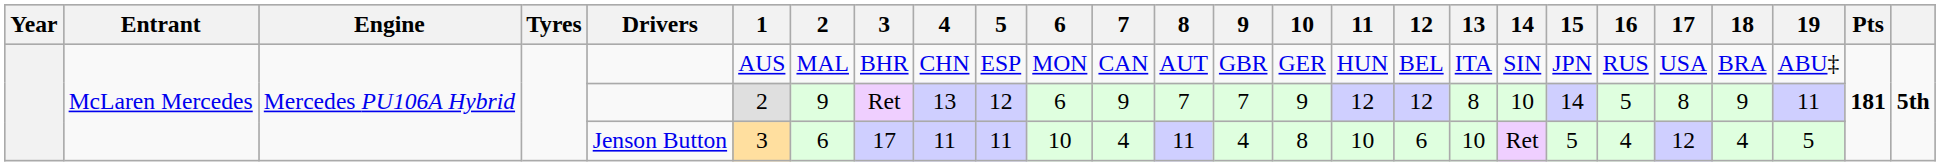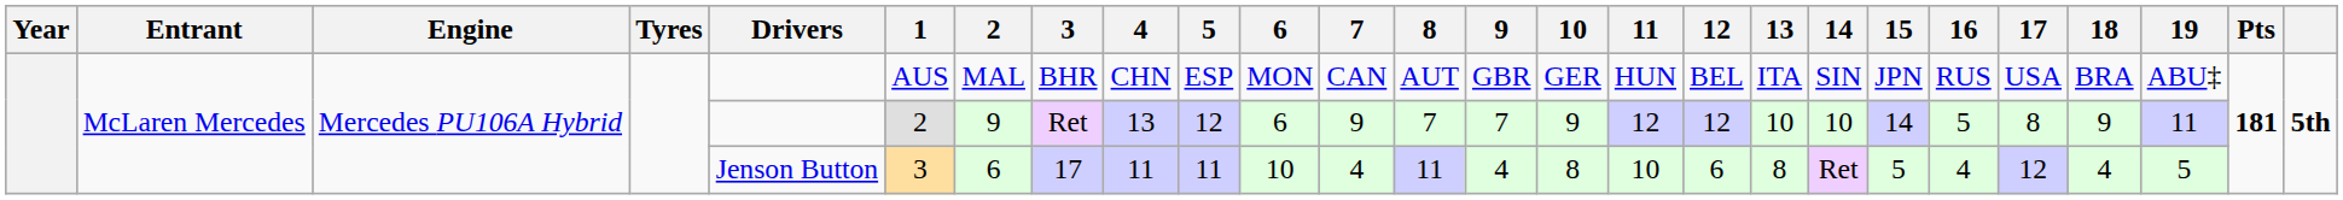 <table class="wikitable" style="text-align:center; font-size:90%">
 <tr>
 <th>Year</th>
 <th>Entrant</th>
 <th>Engine</th>
 <th>Tyres</th>
 <th>Drivers</th>
 <th>1</th>
 <th>2</th>
 <th>3</th>
 <th>4</th>
 <th>5</th>
 <th>6</th>
 <th>7</th>
 <th>8</th>
 <th>9</th>
 <th>10</th>
 <th>11</th>
 <th>12</th>
 <th>13</th>
 <th>14</th>
 <th>15</th>
 <th>16</th>
 <th>17</th>
 <th>18</th>
 <th>19</th>
 <th>Pts</th>
 <th></th>
 </tr>
 <tr>
 <th rowspan=3></th>
 <td rowspan=3><a href='#'>McLaren Mercedes</a></td>
 <td rowspan=3><a href='#'>Mercedes <em>PU106A Hybrid</em></a></td>
 <td rowspan=3></td>
 <td></td>
 <td><a href='#'>AUS</a></td>
 <td><a href='#'>MAL</a></td>
 <td><a href='#'>BHR</a></td>
 <td><a href='#'>CHN</a></td>
 <td><a href='#'>ESP</a></td>
 <td><a href='#'>MON</a></td>
 <td><a href='#'>CAN</a></td>
 <td><a href='#'>AUT</a></td>
 <td><a href='#'>GBR</a></td>
 <td><a href='#'>GER</a></td>
 <td><a href='#'>HUN</a></td>
 <td><a href='#'>BEL</a></td>
 <td><a href='#'>ITA</a></td>
 <td><a href='#'>SIN</a></td>
 <td><a href='#'>JPN</a></td>
 <td><a href='#'>RUS</a></td>
 <td><a href='#'>USA</a></td>
 <td><a href='#'>BRA</a></td>
 <td><a href='#'>ABU</a>‡</td>
 <td rowspan="3"><strong>181</strong></td>
 <td rowspan="3"><strong>5th</strong></td>
 </tr>
 <tr>
 <td align="center"></td>
 <td style="background-color:#dfdfdf">2</td>
 <td style="background-color:#dfffdf">9</td>
 <td style="background-color:#efcfff">Ret</td>
 <td style="background-color:#cfcfff">13</td>
 <td style="background-color:#cfcfff">12</td>
 <td style="background-color:#dfffdf">6</td>
 <td style="background-color:#dfffdf">9</td>
 <td style="background-color:#dfffdf">7</td>
 <td style="background-color:#dfffdf">7</td>
 <td style="background-color:#dfffdf">9</td>
 <td style="background-color:#cfcfff">12</td>
 <td style="background-color:#cfcfff">12</td>
-<td style="background-color:#dfffdf">8</td>
+<td style="background-color:#dfffdf">10</td>
 <td style="background-color:#dfffdf">10</td>
 <td style="background-color:#cfcfff">14</td>
 <td style="background-color:#dfffdf">5</td>
 <td style="background-color:#dfffdf">8</td>
 <td style="background-color:#dfffdf">9</td>
 <td style="background-color:#cfcfff">11</td>
 </tr>
 <tr>
 <td align="center"><a href='#'>Jenson Button</a></td>
 <td style="background-color:#ffdf9f">3</td>
 <td style="background-color:#dfffdf">6</td>
 <td style="background-color:#cfcfff">17</td>
 <td style="background-color:#cfcfff">11</td>
 <td style="background-color:#cfcfff">11</td>
 <td style="background-color:#dfffdf">10</td>
 <td style="background-color:#dfffdf">4</td>
 <td style="background-color:#cfcfff">11</td>
 <td style="background-color:#dfffdf">4</td>
 <td style="background-color:#dfffdf">8</td>
 <td style="background-color:#dfffdf">10</td>
 <td style="background-color:#dfffdf">6</td>
-<td style="background-color:#dfffdf">10</td>
+<td style="background-color:#dfffdf">8</td>
 <td style="background-color:#efcfff">Ret</td>
 <td style="background-color:#dfffdf">5</td>
 <td style="background-color:#dfffdf">4</td>
 <td style="background-color:#cfcfff">12</td>
 <td style="background-color:#dfffdf">4</td>
 <td style="background-color:#dfffdf">5</td>
 </tr>
 </table>
